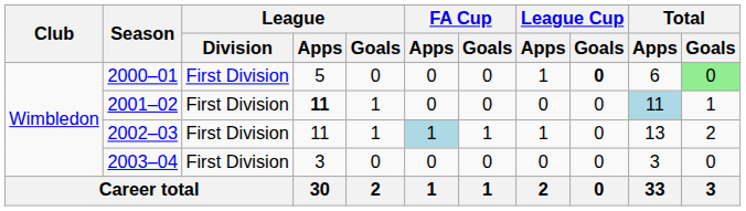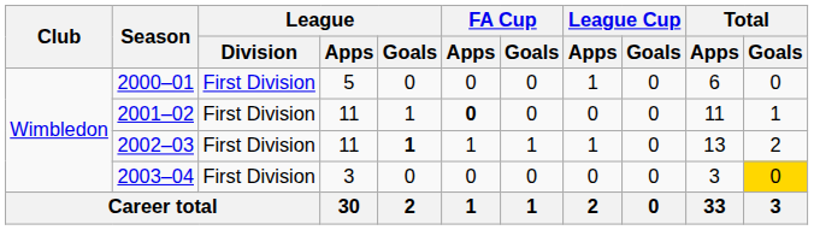 <table class="wikitable" style="text-align:center">
 <tr>
 <th rowspan="2">Club</th>
 <th rowspan="2">Season</th>
 <th colspan="3">League</th>
 <th colspan="2"><a href='#'>FA Cup</a></th>
 <th colspan="2"><a href='#'>League Cup</a></th>
 <th colspan="2">Total</th>
 </tr>
 <tr>
 <th>Division</th>
 <th>Apps</th>
 <th>Goals</th>
 <th>Apps</th>
 <th>Goals</th>
 <th>Apps</th>
 <th>Goals</th>
 <th>Apps</th>
 <th>Goals</th>
 </tr>
 <tr>
 <td rowspan="4"><a href='#'>Wimbledon</a></td>
 <td><a href='#'>2000–01</a></td>
 <td><a href='#'>First Division</a></td>
 <td>5</td>
 <td>0</td>
 <td>0</td>
 <td>0</td>
 <td>1</td>
-<td><strong>0</strong></td>
+<td>0</td>
 <td>6</td>
-<td style="background: lightgreen;">0</td>
+<td>0</td>
 </tr>
 <tr>
 <td><a href='#'>2001–02</a></td>
 <td>First Division</td>
-<td><strong>11</strong></td>
+<td>11</td>
 <td>1</td>
+<td><strong>0</strong></td>
 <td>0</td>
 <td>0</td>
 <td>0</td>
-<td>0</td>
-<td style="background: lightblue;">11</td>
+<td>11</td>
 <td>1</td>
 </tr>
 <tr>
 <td><a href='#'>2002–03</a></td>
 <td>First Division</td>
 <td>11</td>
+<td><strong>1</strong></td>
 <td>1</td>
-<td style="background: lightblue;">1</td>
 <td>1</td>
 <td>1</td>
 <td>0</td>
 <td>13</td>
 <td>2</td>
 </tr>
 <tr>
 <td><a href='#'>2003–04</a></td>
 <td>First Division</td>
 <td>3</td>
 <td>0</td>
 <td>0</td>
 <td>0</td>
 <td>0</td>
 <td>0</td>
 <td>3</td>
-<td>0</td>
+<td style="background: gold;">0</td>
 </tr>
 <tr>
 <th colspan="3">Career total</th>
 <th>30</th>
 <th>2</th>
 <th>1</th>
 <th>1</th>
 <th>2</th>
 <th>0</th>
 <th>33</th>
 <th>3</th>
 </tr>
 </table>
